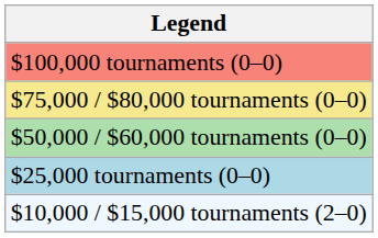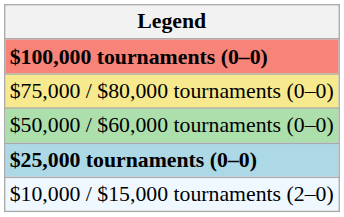 <table class="wikitable">
 <tr>
 <th>Legend</th>
 </tr>
 <tr style="background:#f88379;">
-<td>$100,000 tournaments (0–0)</td>
+<td><strong>$100,000 tournaments (0–0)</strong></td>
 </tr>
 <tr style="background:#f7e98e;">
 <td>$75,000 / $80,000 tournaments (0–0)</td>
 </tr>
 <tr style="background:#addfad;">
 <td>$50,000 / $60,000 tournaments (0–0)</td>
 </tr>
 <tr style="background:lightblue;">
-<td>$25,000 tournaments (0–0)</td>
+<td><strong>$25,000 tournaments (0–0)</strong></td>
 </tr>
 <tr style="background:#f0f8ff;">
 <td>$10,000 / $15,000 tournaments (2–0)</td>
 </tr>
 </table>
